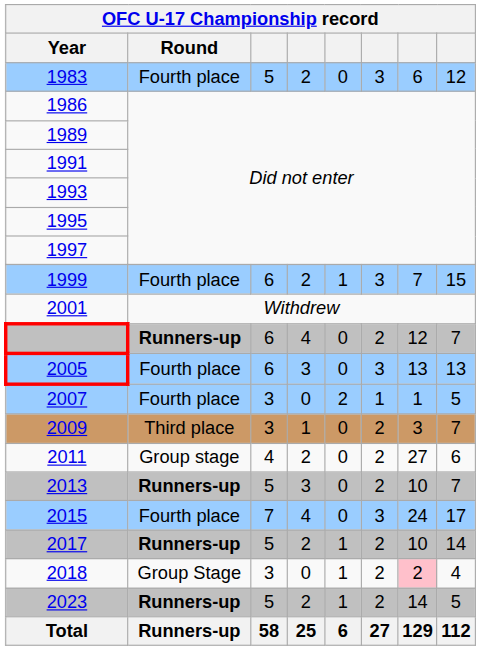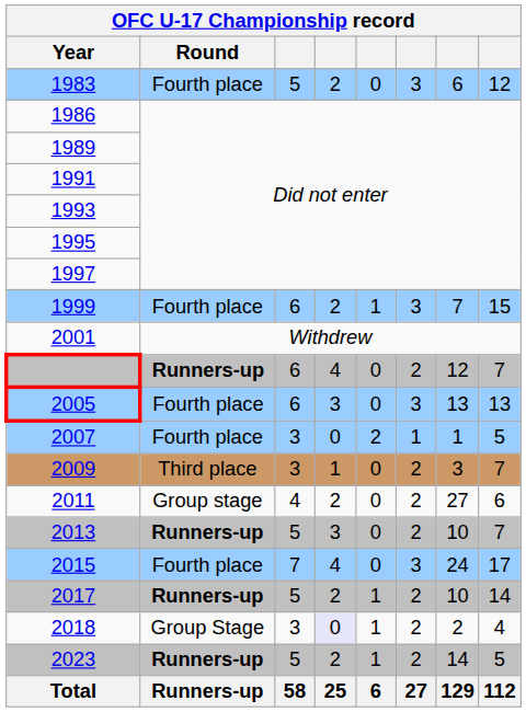 <table class="wikitable" style="text-align: center;">
 <tr>
 <th colspan=8><a href='#'>OFC U-17 Championship</a> record</th>
 </tr>
 <tr>
 <th width=100>Year</th>
 <th width=100>Round</th>
 <th width=25></th>
 <th width=25></th>
 <th width=25></th>
 <th width=25></th>
 <th width=25></th>
 <th width=25></th>
 </tr>
 <tr bgcolor=#9acdff>
 <td> <a href='#'>1983</a></td>
 <td>Fourth place</td>
 <td>5</td>
 <td>2</td>
 <td>0</td>
 <td>3</td>
 <td>6</td>
 <td>12</td>
 </tr>
 <tr>
 <td> <a href='#'>1986</a></td>
 <td colspan=8 rowspan=6><em>Did not enter</em></td>
 </tr>
 <tr>
 <td> <a href='#'>1989</a></td>
 </tr>
 <tr>
 <td> <a href='#'>1991</a></td>
 </tr>
 <tr>
 <td> <a href='#'>1993</a></td>
 </tr>
 <tr>
 <td> <a href='#'>1995</a></td>
 </tr>
 <tr>
 <td> <a href='#'>1997</a></td>
 </tr>
 <tr>
 </tr>
 <tr bgcolor=#9acdff>
 <td> <a href='#'>1999</a></td>
 <td>Fourth place</td>
 <td>6</td>
 <td>2</td>
 <td>1</td>
 <td>3</td>
 <td>7</td>
 <td>15</td>
 </tr>
 <tr>
 <td>  <a href='#'>2001</a></td>
 <td colspan=8><em>Withdrew</em></td>
 </tr>
 <tr bgcolor=Silver>
 <td style="border: 3px solid red"></td>
 <td><strong>Runners-up</strong></td>
 <td>6</td>
 <td>4</td>
 <td>0</td>
 <td>2</td>
 <td>12</td>
 <td>7</td>
 </tr>
 <tr bgcolor=#9acdff>
 <td style="border: 3px solid red"> <a href='#'>2005</a></td>
 <td>Fourth place</td>
 <td>6</td>
 <td>3</td>
 <td>0</td>
 <td>3</td>
 <td>13</td>
 <td>13</td>
 </tr>
 <tr bgcolor=#9acdff>
 <td> <a href='#'>2007</a></td>
 <td>Fourth place</td>
 <td>3</td>
 <td>0</td>
 <td>2</td>
 <td>1</td>
 <td>1</td>
 <td>5</td>
 </tr>
 <tr bgcolor=cc9966>
 <td> <a href='#'>2009</a></td>
 <td>Third place</td>
 <td>3</td>
 <td>1</td>
 <td>0</td>
 <td>2</td>
 <td>3</td>
 <td>7</td>
 </tr>
 <tr bgcolor=>
 <td> <a href='#'>2011</a></td>
 <td>Group stage</td>
 <td>4</td>
 <td>2</td>
 <td>0</td>
 <td>2</td>
 <td>27</td>
 <td>6</td>
 </tr>
 <tr bgcolor=Silver>
 <td>  <a href='#'>2013</a></td>
 <td><strong>Runners-up</strong></td>
 <td>5</td>
 <td>3</td>
 <td>0</td>
 <td>2</td>
 <td>10</td>
 <td>7</td>
 </tr>
 <tr bgcolor=#9acdff>
 <td>  <a href='#'>2015</a></td>
 <td>Fourth place</td>
 <td>7</td>
 <td>4</td>
 <td>0</td>
 <td>3</td>
 <td>24</td>
 <td>17</td>
 </tr>
 <tr bgcolor=Silver>
 <td>  <a href='#'>2017</a></td>
 <td><strong>Runners-up</strong></td>
 <td>5</td>
 <td>2</td>
 <td>1</td>
 <td>2</td>
 <td>10</td>
 <td>14</td>
 </tr>
 <tr>
 <td>  <a href='#'>2018</a></td>
 <td>Group Stage</td>
 <td>3</td>
-<td>0</td>
+<td style="background: lavender;">0</td>
 <td>1</td>
 <td>2</td>
-<td style="background: pink;">2</td>
+<td>2</td>
 <td>4</td>
 </tr>
 <tr bgcolor=Silver>
 <td> <a href='#'>2023</a></td>
 <td><strong>Runners-up</strong></td>
 <td>5</td>
 <td>2</td>
 <td>1</td>
 <td>2</td>
 <td>14</td>
 <td>5</td>
 </tr>
 <tr>
 <th><strong>Total</strong></th>
 <th><strong>Runners-up</strong></th>
 <th><strong>58</strong></th>
 <th><strong>25</strong></th>
 <th><strong>6</strong></th>
 <th><strong>27</strong></th>
 <th><strong>129</strong></th>
 <th><strong>112</strong></th>
 </tr>
 </table>
